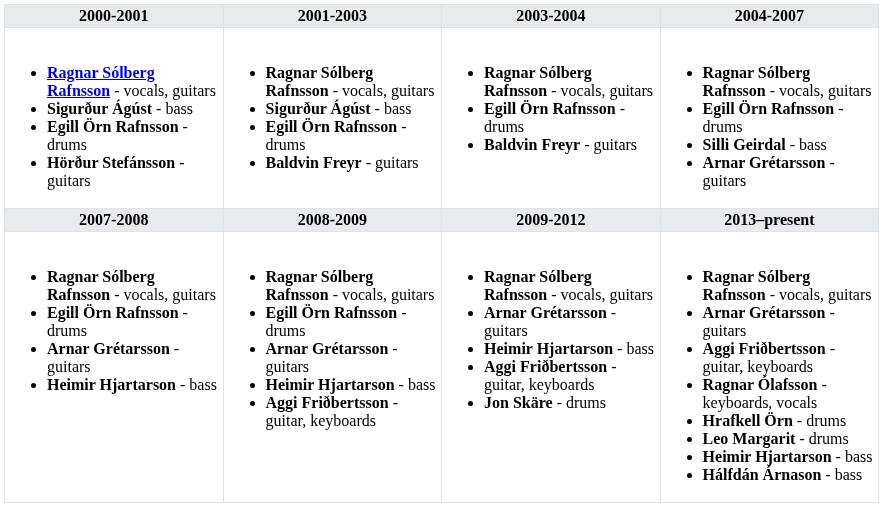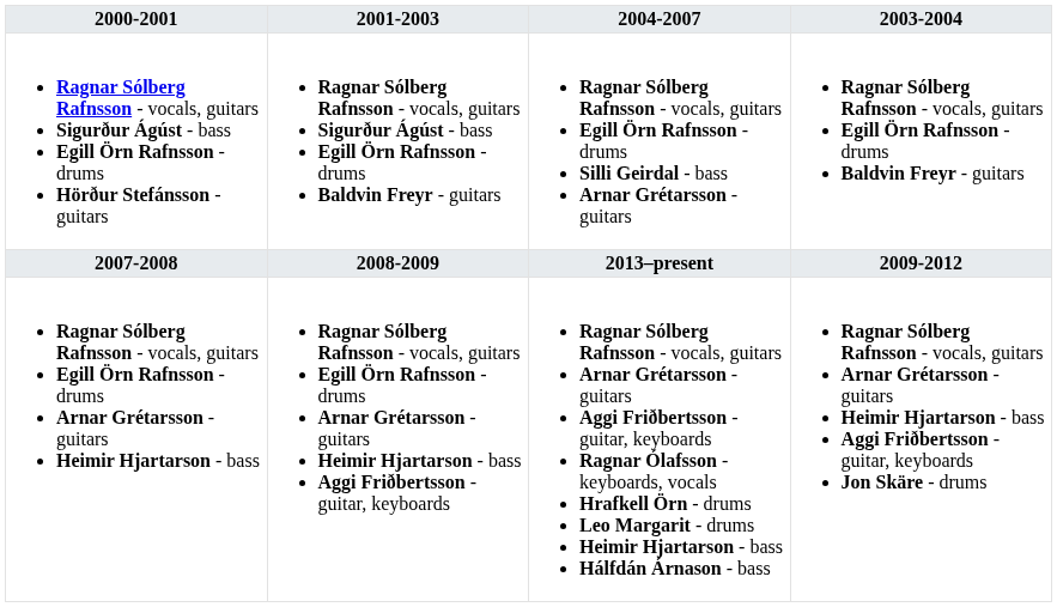 <table class="toccolours" border=1 cellpadding=2 cellspacing=0 style="float: width: 375px; margin: 0 0 1em 1em; border-collapse: collapse; border: 1px solid #E2E2E2;" width=99%>
 <tr>
 <th bgcolor="#E7EBEE" valign=top width=25%>2000-2001</th>
 <th bgcolor="#E7EBEE" valign=top width=25%>2001-2003</th>
+<th bgcolor="#E7EBEE" valign=top width=25%>2004-2007</th>
 <th bgcolor="#E7EBEE" valign=top width=25%>2003-2004</th>
-<th bgcolor="#E7EBEE" valign=top width=25%>2004-2007</th>
 </tr>
 <tr>
 <td valign=top><br><ul><li><strong><a href='#'>Ragnar Sólberg Rafnsson</a></strong> - vocals, guitars</li><li><strong>Sigurður Ágúst</strong> - bass</li><li><strong>Egill Örn Rafnsson</strong> - drums</li><li><strong>Hörður Stefánsson</strong> - guitars</li></ul></td>
 <td valign=top><br><ul><li><strong>Ragnar Sólberg Rafnsson</strong> - vocals, guitars</li><li><strong>Sigurður Ágúst</strong> - bass</li><li><strong>Egill Örn Rafnsson</strong> - drums</li><li><strong>Baldvin Freyr</strong> - guitars</li></ul></td>
+<td valign=top><br><ul><li><strong>Ragnar Sólberg Rafnsson</strong> - vocals, guitars</li><li><strong>Egill Örn Rafnsson</strong> - drums</li><li><strong>Silli Geirdal</strong> - bass</li><li><strong>Arnar Grétarsson</strong> - guitars</li></ul></td>
 <td valign=top><br><ul><li><strong>Ragnar Sólberg Rafnsson</strong> - vocals, guitars</li><li><strong>Egill Örn Rafnsson</strong> - drums</li><li><strong>Baldvin Freyr</strong> - guitars</li></ul></td>
-<td valign=top><br><ul><li><strong>Ragnar Sólberg Rafnsson</strong> - vocals, guitars</li><li><strong>Egill Örn Rafnsson</strong> - drums</li><li><strong>Silli Geirdal</strong> - bass</li><li><strong>Arnar Grétarsson</strong> - guitars</li></ul></td>
 </tr>
 <tr>
 <th bgcolor="#E7EBEE" valign=top width=25%>2007-2008</th>
 <th bgcolor="#E7EBEE" valign=top width=25%>2008-2009</th>
+<th bgcolor="#E7EBEE" valign=top width=25%>2013–present</th>
 <th bgcolor="#E7EBEE" valign=top width=25%>2009-2012</th>
-<th bgcolor="#E7EBEE" valign=top width=25%>2013–present</th>
 </tr>
 <tr>
 <td valign=top><br><ul><li><strong>Ragnar Sólberg Rafnsson</strong> - vocals, guitars</li><li><strong>Egill Örn Rafnsson</strong> - drums</li><li><strong>Arnar Grétarsson</strong> - guitars</li><li><strong>Heimir Hjartarson</strong> - bass</li></ul></td>
 <td valign=top><br><ul><li><strong>Ragnar Sólberg Rafnsson</strong> - vocals, guitars</li><li><strong>Egill Örn Rafnsson</strong> - drums</li><li><strong>Arnar Grétarsson</strong> - guitars</li><li><strong>Heimir Hjartarson</strong> - bass</li><li><strong>Aggi Friðbertsson</strong> - guitar, keyboards</li></ul></td>
+<td valign=top><br><ul><li><strong>Ragnar Sólberg Rafnsson</strong> - vocals, guitars</li><li><strong>Arnar Grétarsson</strong> - guitars</li><li><strong>Aggi Friðbertsson</strong> - guitar, keyboards</li><li><strong>Ragnar Ólafsson</strong> - keyboards, vocals</li><li><strong>Hrafkell Örn</strong> - drums</li><li><strong>Leo Margarit</strong> - drums</li><li><strong>Heimir Hjartarson</strong> - bass</li><li><strong>Hálfdán Árnason</strong> - bass</li></ul></td>
 <td valign=top><br><ul><li><strong>Ragnar Sólberg Rafnsson</strong> - vocals, guitars</li><li><strong>Arnar Grétarsson</strong> - guitars</li><li><strong>Heimir Hjartarson</strong> - bass</li><li><strong>Aggi Friðbertsson</strong> - guitar, keyboards</li><li><strong>Jon Skäre</strong> - drums</li></ul></td>
-<td valign=top><br><ul><li><strong>Ragnar Sólberg Rafnsson</strong> - vocals, guitars</li><li><strong>Arnar Grétarsson</strong> - guitars</li><li><strong>Aggi Friðbertsson</strong> - guitar, keyboards</li><li><strong>Ragnar Ólafsson</strong> - keyboards, vocals</li><li><strong>Hrafkell Örn</strong> - drums</li><li><strong>Leo Margarit</strong> - drums</li><li><strong>Heimir Hjartarson</strong> - bass</li><li><strong>Hálfdán Árnason</strong> - bass</li></ul></td>
 </tr>
 </table>
